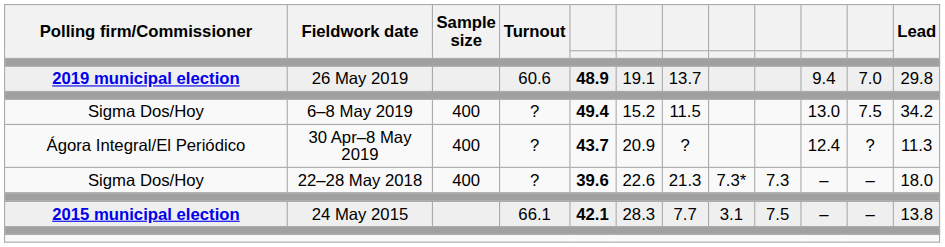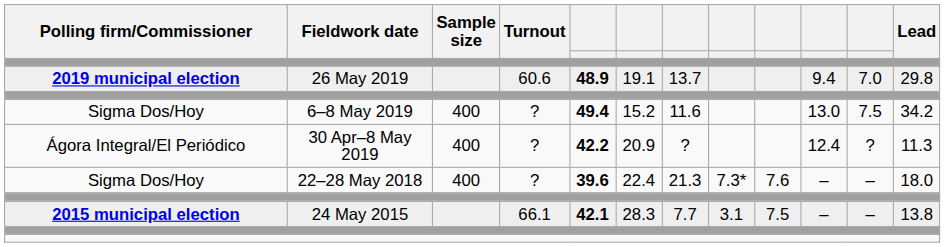 <table class="wikitable collapsible collapsed" style="text-align:center; font-size:95%; line-height:16px;">
 <tr style="height:42px;">
 <th style="width:250px;" rowspan="2">Polling firm/Commissioner</th>
 <th style="width:125px;" rowspan="2">Fieldwork date</th>
 <th style="width:50px;" rowspan="2">Sample size</th>
 <th style="width:45px;" rowspan="2">Turnout</th>
 <th style="width:35px;"></th>
 <th style="width:35px;"></th>
 <th style="width:35px;"></th>
 <th style="width:35px;"></th>
 <th style="width:35px;"></th>
 <th style="width:35px;"></th>
 <th style="width:35px;"></th>
 <th style="width:30px;" rowspan="2">Lead</th>
 </tr>
 <tr>
 <th style="color:inherit;background:"></th>
 <th style="color:inherit;background:"></th>
 <th style="color:inherit;background:"></th>
 <th style="color:inherit;background:"></th>
 <th style="color:inherit;background:"></th>
 <th style="color:inherit;background:"></th>
 <th style="color:inherit;background:"></th>
 </tr>
 <tr>
 <td colspan="13" style="background:#A0A0A0"></td>
 </tr>
 <tr style="background:#EFEFEF;">
 <td><strong><a href='#'>2019 municipal election</a></strong></td>
 <td>26 May 2019</td>
 <td></td>
 <td>60.6</td>
 <td><strong>48.9</strong><br></td>
 <td>19.1<br></td>
 <td>13.7<br></td>
 <td></td>
 <td></td>
 <td>9.4<br></td>
 <td>7.0<br></td>
 <td style="background:">29.8</td>
 </tr>
 <tr>
 <td colspan="13" style="background:#A0A0A0"></td>
 </tr>
 <tr>
 <td>Sigma Dos/Hoy</td>
 <td>6–8 May 2019</td>
 <td>400</td>
 <td>?</td>
 <td><strong>49.4</strong><br></td>
 <td>15.2<br></td>
-<td>11.5<br></td>
+<td>11.6<br></td>
 <td></td>
 <td></td>
 <td>13.0<br></td>
 <td>7.5<br></td>
 <td style="background:">34.2</td>
 </tr>
 <tr>
 <td>Ágora Integral/El Periódico</td>
 <td>30 Apr–8 May 2019</td>
 <td>400</td>
 <td>?</td>
-<td><strong>43.7</strong><br></td>
+<td><strong>42.2</strong><br></td>
 <td>20.9<br></td>
 <td>?<br></td>
 <td></td>
 <td></td>
 <td>12.4<br></td>
 <td>?<br></td>
 <td style="background:">11.3</td>
 </tr>
 <tr>
 <td>Sigma Dos/Hoy</td>
 <td>22–28 May 2018</td>
 <td>400</td>
 <td>?</td>
 <td><strong>39.6</strong><br></td>
-<td>22.6<br></td>
+<td>22.4<br></td>
 <td>21.3<br></td>
 <td>7.3*<br></td>
-<td>7.3<br></td>
+<td>7.6<br></td>
 <td>–</td>
 <td>–</td>
 <td style="background:">18.0</td>
 </tr>
 <tr>
 <td colspan="12" style="background:#A0A0A0"></td>
 </tr>
 <tr style="background:#EFEFEF;">
 <td><strong><a href='#'>2015 municipal election</a></strong></td>
 <td>24 May 2015</td>
 <td></td>
 <td>66.1</td>
 <td><strong>42.1</strong><br></td>
 <td>28.3<br></td>
 <td>7.7<br></td>
 <td>3.1<br></td>
 <td>7.5<br></td>
 <td>–</td>
 <td>–</td>
 <td style="background:">13.8</td>
 </tr>
 <tr>
 <td colspan="12" style="background:#A0A0A0"></td>
 </tr>
 <tr>
 <td align="left" colspan="12"></td>
 </tr>
 </table>
